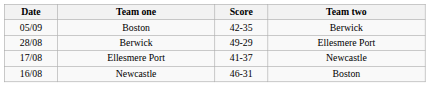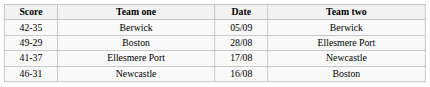 <table class="wikitable" style="text-align: center">
 <tr>
+<th width=80>Score</th>
+<th width=250>Team one</th>
 <th width=80>Date</th>
-<th width=250>Team one</th>
-<th width=80>Score</th>
 <th width=250>Team two</th>
 </tr>
 <tr>
+<td>42-35</td>
+<td>Berwick</td>
 <td>05/09</td>
-<td>Boston</td>
-<td>42-35</td>
 <td>Berwick</td>
 </tr>
 <tr>
+<td>49-29</td>
+<td>Boston</td>
 <td>28/08</td>
-<td>Berwick</td>
-<td>49-29</td>
 <td>Ellesmere Port</td>
 </tr>
 <tr>
+<td>41-37</td>
+<td>Ellesmere Port</td>
 <td>17/08</td>
-<td>Ellesmere Port</td>
-<td>41-37</td>
 <td>Newcastle</td>
 </tr>
 <tr>
+<td>46-31</td>
+<td>Newcastle</td>
 <td>16/08</td>
-<td>Newcastle</td>
-<td>46-31</td>
 <td>Boston</td>
 </tr>
 </table>
